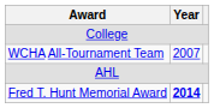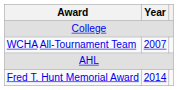 <table class="wikitable">
 <tr>
 <th>Award</th>
 <th>Year</th>
 <th></th>
 </tr>
 <tr ALIGN="center" bgcolor="#e0e0e0">
 <td colspan="3"><a href='#'>College</a></td>
 </tr>
 <tr>
 <td><a href='#'>WCHA</a> <a href='#'>All-Tournament Team</a></td>
 <td><a href='#'>2007</a></td>
 <td></td>
 </tr>
 <tr ALIGN="center" bgcolor="#e0e0e0">
 <td colspan="3"><a href='#'>AHL</a></td>
 </tr>
 <tr>
 <td><a href='#'>Fred T. Hunt Memorial Award</a></td>
-<td><strong><a href='#'>2014</a></strong></td>
+<td><a href='#'>2014</a></td>
 <td></td>
 </tr>
 </table>
